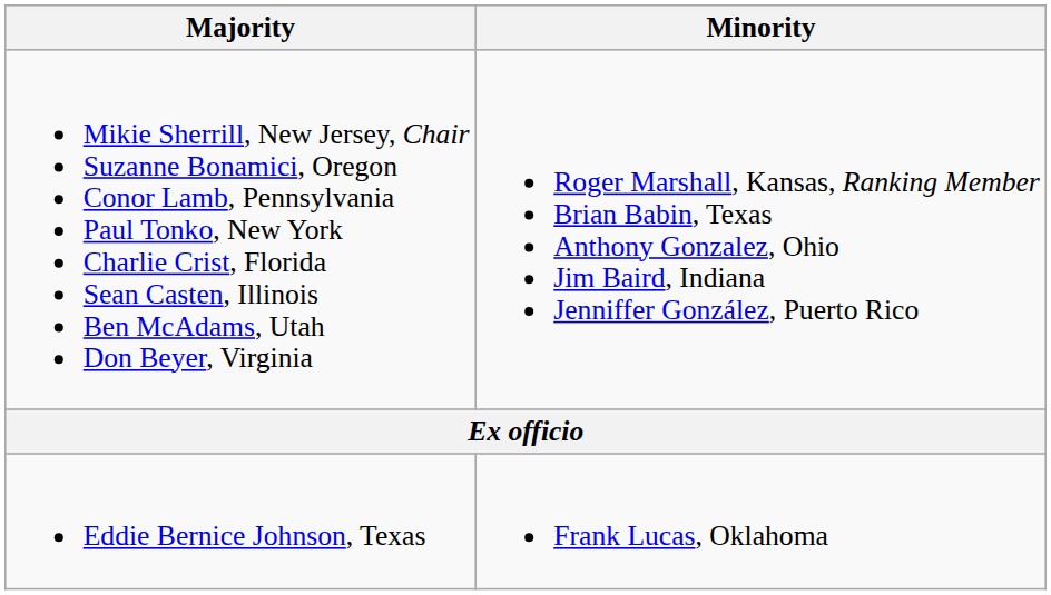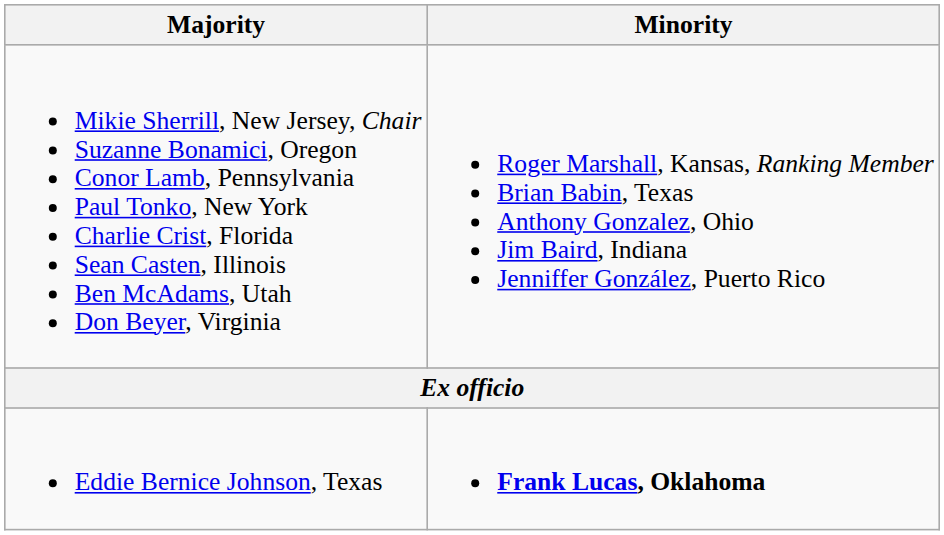 <table class=wikitable>
 <tr>
 <th>Majority</th>
 <th>Minority</th>
 </tr>
 <tr>
 <td><br><ul><li><a href='#'>Mikie Sherrill</a>, New Jersey, <em>Chair</em></li><li><a href='#'>Suzanne Bonamici</a>, Oregon</li><li><a href='#'>Conor Lamb</a>, Pennsylvania</li><li><a href='#'>Paul Tonko</a>, New York</li><li><a href='#'>Charlie Crist</a>, Florida</li><li><a href='#'>Sean Casten</a>, Illinois</li><li><a href='#'>Ben McAdams</a>, Utah</li><li><a href='#'>Don Beyer</a>, Virginia</li></ul></td>
 <td><br><ul><li><a href='#'>Roger Marshall</a>, Kansas, <em>Ranking Member</em></li><li><a href='#'>Brian Babin</a>, Texas</li><li><a href='#'>Anthony Gonzalez</a>, Ohio</li><li><a href='#'>Jim Baird</a>, Indiana</li><li><a href='#'>Jenniffer González</a>, Puerto Rico</li></ul></td>
 </tr>
 <tr>
 <th colspan=2><em>Ex officio</em></th>
 </tr>
 <tr>
 <td><br><ul><li><a href='#'>Eddie Bernice Johnson</a>, Texas</li></ul></td>
-<td><br><ul><li><a href='#'>Frank Lucas</a>, Oklahoma</li></ul></td>
+<td><strong><br><ul><li><a href='#'>Frank Lucas</a>, Oklahoma</li></ul></strong></td>
 </tr>
 </table>
